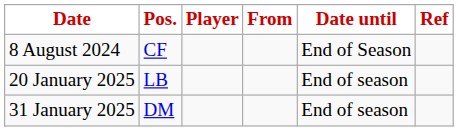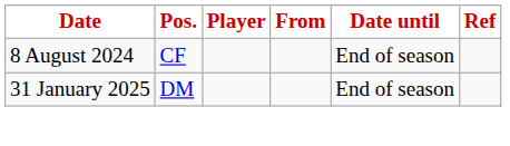 <table class="wikitable plainrowheaders sortable">
 <tr>
 <th style="background:#ffffff;color:#cc0000;">Date</th>
 <th style="background:#ffffff;color:#cc0000;">Pos.</th>
 <th style="background:#ffffff;color:#cc0000;">Player</th>
 <th style="background:#ffffff;color:#cc0000;">From</th>
 <th style="background:#ffffff;color:#cc0000;">Date until</th>
 <th style="background:#ffffff;color:#cc0000;">Ref</th>
 </tr>
 <tr>
 <td>8 August 2024</td>
 <td><a href='#'>CF</a></td>
 <td></td>
 <td></td>
-<td>End of Season</td>
-<td></td>
-</tr>
-<tr>
-<td>20 January 2025</td>
-<td><a href='#'>LB</a></td>
-<td></td>
-<td></td>
 <td>End of season</td>
 <td></td>
 </tr>
 <tr>
 <td>31 January 2025</td>
 <td><a href='#'>DM</a></td>
 <td></td>
 <td></td>
 <td>End of season</td>
 <td></td>
 </tr>
 </table>
